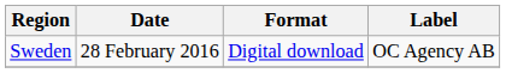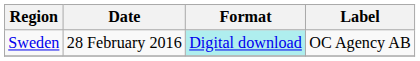 <table class=wikitable>
 <tr>
 <th>Region</th>
 <th>Date</th>
 <th>Format</th>
 <th>Label</th>
 </tr>
 <tr>
 <td><a href='#'>Sweden</a></td>
 <td>28 February 2016</td>
-<td><a href='#'>Digital download</a></td>
+<td style="background: paleturquoise;"><a href='#'>Digital download</a></td>
 <td>OC Agency AB</td>
 </tr>
 <tr>
 </tr>
 </table>
